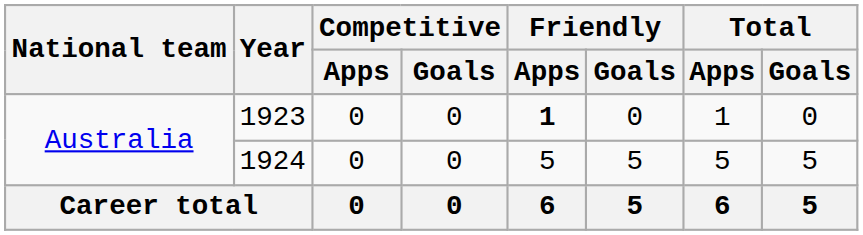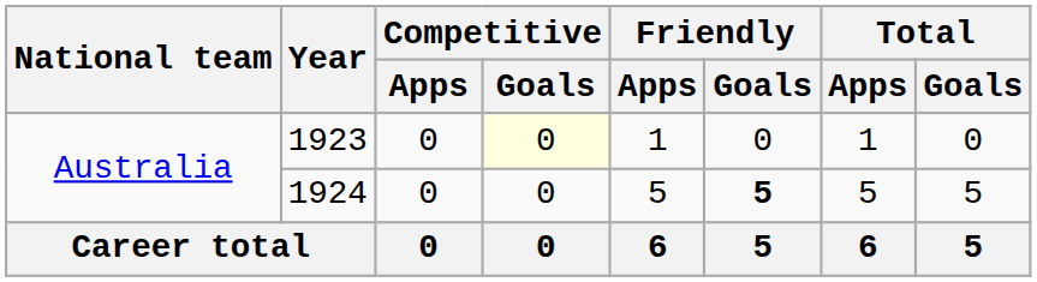 <table class="wikitable" style="text-align:center">
 <tr>
 <th rowspan="2">National team</th>
 <th rowspan="2">Year</th>
 <th colspan="2">Competitive</th>
 <th colspan="2">Friendly</th>
 <th colspan="2">Total</th>
 </tr>
 <tr>
 <th>Apps</th>
 <th>Goals</th>
 <th>Apps</th>
 <th>Goals</th>
 <th>Apps</th>
 <th>Goals</th>
 </tr>
 <tr>
 <td rowspan="2"><a href='#'>Australia</a></td>
 <td>1923</td>
 <td>0</td>
-<td>0</td>
-<td><strong>1</strong></td>
+<td style="background: lightyellow;">0</td>
+<td>1</td>
 <td>0</td>
 <td>1</td>
 <td>0</td>
 </tr>
 <tr>
 <td>1924</td>
 <td>0</td>
 <td>0</td>
 <td>5</td>
-<td>5</td>
+<td><strong>5</strong></td>
 <td>5</td>
 <td>5</td>
 </tr>
 <tr>
 <th colspan=2>Career total</th>
 <th>0</th>
 <th>0</th>
 <th>6</th>
 <th>5</th>
 <th>6</th>
 <th>5</th>
 </tr>
 </table>
